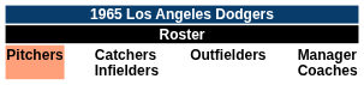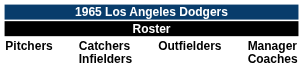 <table class="toccolours" style="font-size: 95%;">
 <tr>
 <th colspan="10" style="background-color: #083c6b; color: white; text-align: center;">1965 Los Angeles Dodgers</th>
 </tr>
 <tr>
 <td colspan="10" style="background-color: black; color: white; text-align: center;"><strong>Roster</strong></td>
 </tr>
 <tr>
-<td valign="top" style="background: lightsalmon;"><strong>Pitchers</strong><br>                     </td>
+<td valign="top"><strong>Pitchers</strong><br>                     </td>
 <td width="25px"></td>
 <td valign="top"><strong>Catchers</strong><br>   <strong>Infielders</strong>         </td>
 <td width="25px"></td>
 <td valign="top"><strong>Outfielders</strong><br>        </td>
 <td width="25px"></td>
 <td valign="top"><strong>Manager</strong><br> <strong>Coaches</strong>    </td>
 </tr>
 </table>
